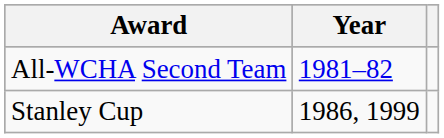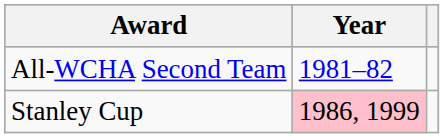 <table class="wikitable">
 <tr>
 <th>Award</th>
 <th>Year</th>
 <th></th>
 </tr>
 <tr>
 <td>All-<a href='#'>WCHA</a> <a href='#'>Second Team</a></td>
 <td><a href='#'>1981–82</a></td>
 <td></td>
 </tr>
 <tr>
 <td>Stanley Cup</td>
-<td>1986, 1999</td>
+<td style="background: pink;">1986, 1999</td>
 </tr>
 </table>
